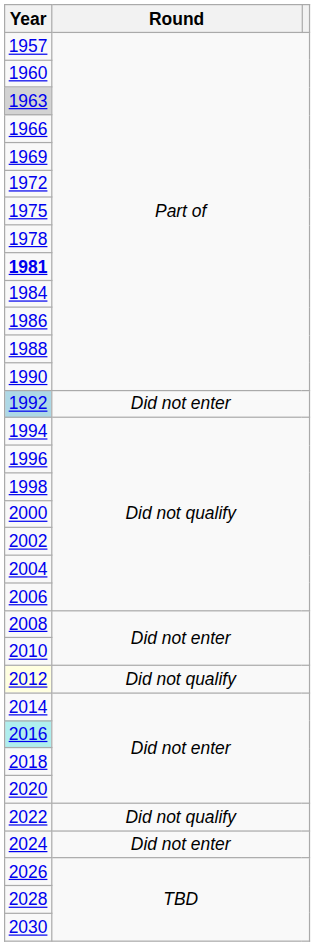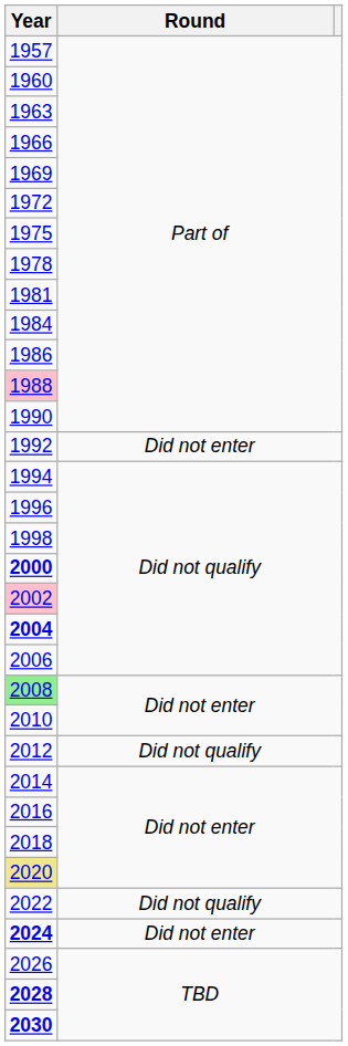 <table class="wikitable" style="text-align: center; font-size:90%">
 <tr>
 <th>Year</th>
 <th style="width:200px">Round</th>
 <th></th>
 </tr>
 <tr>
 <td><a href='#'>1957</a></td>
 <td colspan="2" rowspan="13"><em>Part of </em></td>
 </tr>
 <tr>
 <td><a href='#'>1960</a></td>
 </tr>
 <tr>
-<td style="background: lightgrey;"><a href='#'>1963</a></td>
+<td><a href='#'>1963</a></td>
 </tr>
 <tr>
 <td><a href='#'>1966</a></td>
 </tr>
 <tr>
 <td><a href='#'>1969</a></td>
 </tr>
 <tr>
 <td><a href='#'>1972</a></td>
 </tr>
 <tr>
 <td><a href='#'>1975</a></td>
 </tr>
 <tr>
 <td><a href='#'>1978</a></td>
 </tr>
 <tr>
-<td><strong><a href='#'>1981</a></strong></td>
+<td><a href='#'>1981</a></td>
 </tr>
 <tr>
 <td><a href='#'>1984</a></td>
 </tr>
 <tr>
 <td><a href='#'>1986</a></td>
 </tr>
 <tr>
-<td><a href='#'>1988</a></td>
+<td style="background: pink;"><a href='#'>1988</a></td>
 </tr>
 <tr>
 <td><a href='#'>1990</a></td>
 </tr>
 <tr>
-<td style="background: lightblue;"><a href='#'>1992</a></td>
+<td><a href='#'>1992</a></td>
 <td colspan="2"><em>Did not enter</em></td>
 </tr>
 <tr>
 <td><a href='#'>1994</a></td>
 <td colspan="2" rowspan="7"><em>Did not qualify</em></td>
 </tr>
 <tr>
 <td><a href='#'>1996</a></td>
 </tr>
 <tr>
 <td><a href='#'>1998</a></td>
 </tr>
 <tr>
-<td><a href='#'>2000</a></td>
+<td><strong><a href='#'>2000</a></strong></td>
 </tr>
 <tr>
-<td><a href='#'>2002</a></td>
+<td style="background: pink;"><a href='#'>2002</a></td>
 </tr>
 <tr>
-<td><a href='#'>2004</a></td>
+<td><strong><a href='#'>2004</a></strong></td>
 </tr>
 <tr>
 <td><a href='#'>2006</a></td>
 </tr>
 <tr>
-<td><a href='#'>2008</a></td>
+<td style="background: lightgreen;"><a href='#'>2008</a></td>
 <td colspan="2" rowspan="2"><em>Did not enter</em></td>
 </tr>
 <tr>
 <td><a href='#'>2010</a></td>
 </tr>
 <tr>
-<td style="background: lightyellow;"><a href='#'>2012</a></td>
+<td><a href='#'>2012</a></td>
 <td colspan="2"><em>Did not qualify</em></td>
 </tr>
 <tr>
 <td><a href='#'>2014</a></td>
 <td colspan="2" rowspan="4"><em>Did not enter</em></td>
 </tr>
 <tr>
-<td style="background: paleturquoise;"><a href='#'>2016</a></td>
+<td><a href='#'>2016</a></td>
 </tr>
 <tr>
 <td><a href='#'>2018</a></td>
 </tr>
 <tr>
-<td><a href='#'>2020</a></td>
+<td style="background: khaki;"><a href='#'>2020</a></td>
 </tr>
 <tr>
 <td><a href='#'>2022</a></td>
 <td colspan="2"><em>Did not qualify</em></td>
 </tr>
 <tr>
-<td><a href='#'>2024</a></td>
+<td><strong><a href='#'>2024</a></strong></td>
 <td colspan="2"><em>Did not enter</em></td>
 </tr>
 <tr>
 <td><a href='#'>2026</a></td>
 <td colspan="2" rowspan="3"><em>TBD</em></td>
 </tr>
 <tr>
-<td><a href='#'>2028</a></td>
+<td><strong><a href='#'>2028</a></strong></td>
 </tr>
 <tr>
-<td><a href='#'>2030</a></td>
+<td><strong><a href='#'>2030</a></strong></td>
 </tr>
 </table>
